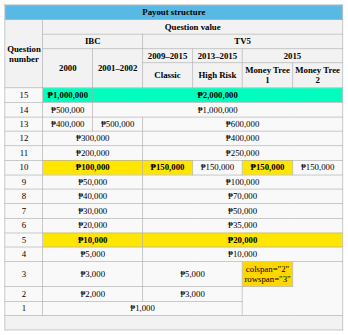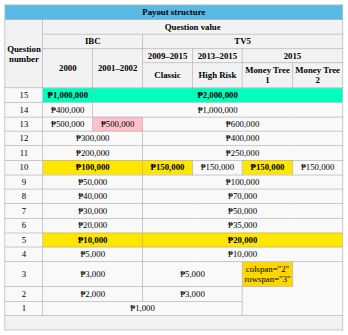 <table class="wikitable" style="text-align:center; float:right; margin-left:10px; margin-bottom:10px; font-size:90%;">
 <tr>
 <th colspan="7" style="background: #58B9E4">Payout structure</th>
 </tr>
 <tr>
 <th rowspan="4">Question<br>number</th>
 <th colspan="6">Question value</th>
 </tr>
 <tr>
 <th colspan="2">IBC</th>
 <th colspan="4">TV5</th>
 </tr>
 <tr>
 <th rowspan="2" style="width:75px;">2000</th>
 <th rowspan="2" style="width:75px;">2001–2002</th>
 <th style="width:75px;">2009–2015</th>
 <th style="width:75px;">2013–2015</th>
 <th colspan="2">2015</th>
 </tr>
 <tr>
 <th>Classic</th>
 <th>High Risk</th>
 <th style="width:75px;">Money Tree 1</th>
 <th style="width:75px;">Money Tree 2</th>
 </tr>
 <tr>
 <td>15</td>
 <td style="background: #00FFBF"><strong>₱1,000,000</strong></td>
 <td colspan="5" style="background: #00FFBF"><strong>₱2,000,000</strong></td>
 </tr>
 <tr>
 <td>14</td>
-<td>₱500,000</td>
+<td>₱400,000</td>
 <td colspan="5">₱1,000,000</td>
 </tr>
 <tr>
 <td>13</td>
-<td>₱400,000</td>
 <td>₱500,000</td>
+<td style="background: pink;">₱500,000</td>
 <td colspan="4">₱600,000</td>
 </tr>
 <tr>
 <td>12</td>
 <td colspan="2">₱300,000</td>
 <td colspan="4">₱400,000</td>
 </tr>
 <tr>
 <td>11</td>
 <td colspan="2">₱200,000</td>
 <td colspan="4">₱250,000</td>
 </tr>
 <tr>
 <td>10</td>
 <td colspan="2" style="background:#FFE600"><strong>₱100,000</strong></td>
 <td style="background:#FFE600"><strong>₱150,000</strong></td>
 <td>₱150,000</td>
 <td style="background:#FFE600"><strong>₱150,000</strong></td>
 <td>₱150,000</td>
 </tr>
 <tr>
 <td>9</td>
 <td colspan="2">₱50,000</td>
 <td colspan="4">₱100,000</td>
 </tr>
 <tr>
 <td>8</td>
 <td colspan="2">₱40,000</td>
 <td colspan="4">₱70,000</td>
 </tr>
 <tr>
 <td>7</td>
 <td colspan="2">₱30,000</td>
 <td colspan="4">₱50,000</td>
 </tr>
 <tr>
 <td>6</td>
 <td colspan="2">₱20,000</td>
 <td colspan="4">₱35,000</td>
 </tr>
 <tr>
 <td>5</td>
 <td colspan="2" style="background:#FFE600"><strong>₱10,000</strong></td>
 <td colspan="4" style="background:#FFE600"><strong>₱20,000</strong></td>
 </tr>
 <tr>
 <td>4</td>
 <td colspan="2">₱5,000</td>
 <td colspan="4">₱10,000</td>
 </tr>
 <tr>
 <td>3</td>
 <td colspan="2">₱3,000</td>
 <td colspan="2">₱5,000</td>
 <td style="background: gold;">colspan="2" rowspan="3" </td>
 </tr>
 <tr>
 <td>2</td>
 <td colspan="2">₱2,000</td>
 <td colspan="2">₱3,000</td>
 </tr>
 <tr>
 <td>1</td>
 <td colspan="4">₱1,000</td>
 </tr>
 <tr>
 <th colspan="7" style="text-align:left"><br></th>
 </tr>
 </table>
